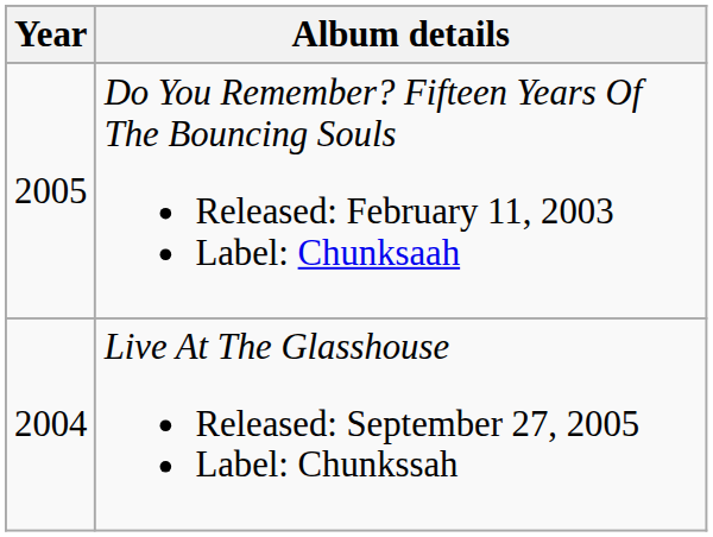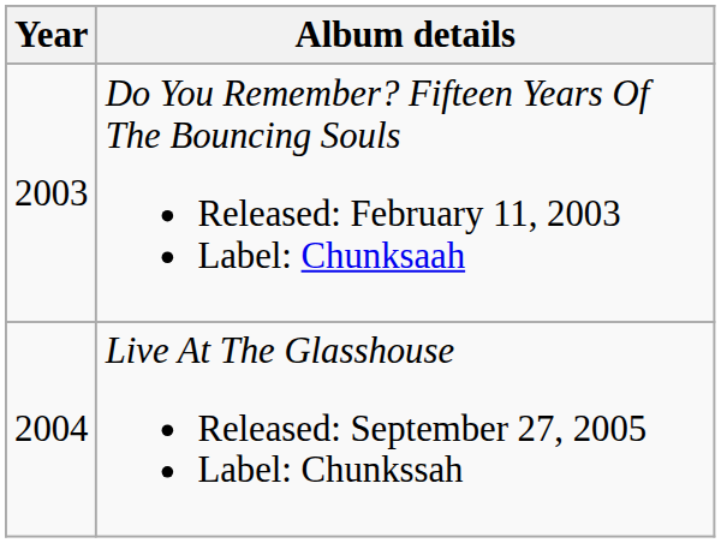 <table class="wikitable">
 <tr>
 <th>Year</th>
 <th style="width:260px;">Album details</th>
 </tr>
 <tr>
-<td>2005</td>
+<td>2003</td>
 <td><em>Do You Remember? Fifteen Years Of The Bouncing Souls</em><br><ul><li>Released: February 11, 2003</li><li>Label: <a href='#'>Chunksaah</a></li></ul></td>
 </tr>
 <tr>
 <td>2004</td>
 <td><em>Live At The Glasshouse</em><br><ul><li>Released: September 27, 2005</li><li>Label: Chunkssah</li></ul></td>
 </tr>
 </table>
